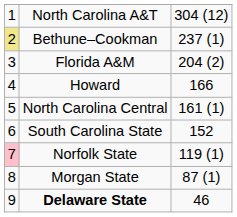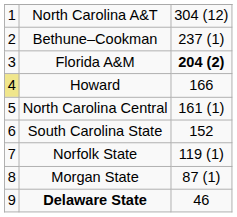 <table class="wikitable">
 <tr align="center">
 </tr>
 <tr align="center">
 <td>1</td>
 <td>North Carolina A&T</td>
 <td>304 (12)</td>
 </tr>
 <tr align="center">
-<td style="background: khaki;">2</td>
+<td>2</td>
 <td>Bethune–Cookman</td>
 <td>237 (1)</td>
 </tr>
 <tr align="center">
 <td>3</td>
 <td>Florida A&M</td>
-<td>204 (2)</td>
+<td><strong>204 (2)</strong></td>
 </tr>
 <tr align="center">
-<td>4</td>
+<td style="background: khaki;">4</td>
 <td>Howard</td>
 <td>166</td>
 </tr>
 <tr align="center">
 <td>5</td>
 <td>North Carolina Central</td>
 <td>161 (1)</td>
 </tr>
 <tr align="center">
 <td>6</td>
 <td>South Carolina State</td>
 <td>152</td>
 </tr>
 <tr align="center">
-<td style="background: pink;">7</td>
+<td>7</td>
 <td>Norfolk State</td>
 <td>119 (1)</td>
 </tr>
 <tr align="center">
 <td>8</td>
 <td>Morgan State</td>
 <td>87 (1)</td>
 </tr>
 <tr align="center">
 <td>9</td>
 <td><strong>Delaware State</strong></td>
 <td>46</td>
 </tr>
 </table>
